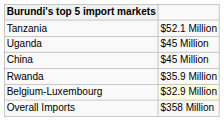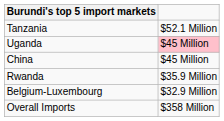 <table class="wikitable">
 <tr>
 <th>Burundi's top 5 import markets</th>
 </tr>
 <tr>
 <td>Tanzania</td>
 <td>$52.1 Million</td>
 </tr>
 <tr>
 <td>Uganda</td>
-<td>$45 Million</td>
+<td style="background: pink;">$45 Million</td>
 </tr>
 <tr>
 <td>China</td>
 <td>$45 Million</td>
 </tr>
 <tr>
 <td>Rwanda</td>
 <td>$35.9 Million</td>
 </tr>
 <tr>
 <td>Belgium-Luxembourg</td>
-<td style="background: lightyellow;">$32.9 Million</td>
+<td>$32.9 Million</td>
 </tr>
 <tr>
 <td>Overall Imports</td>
 <td>$358 Million</td>
 </tr>
 </table>
